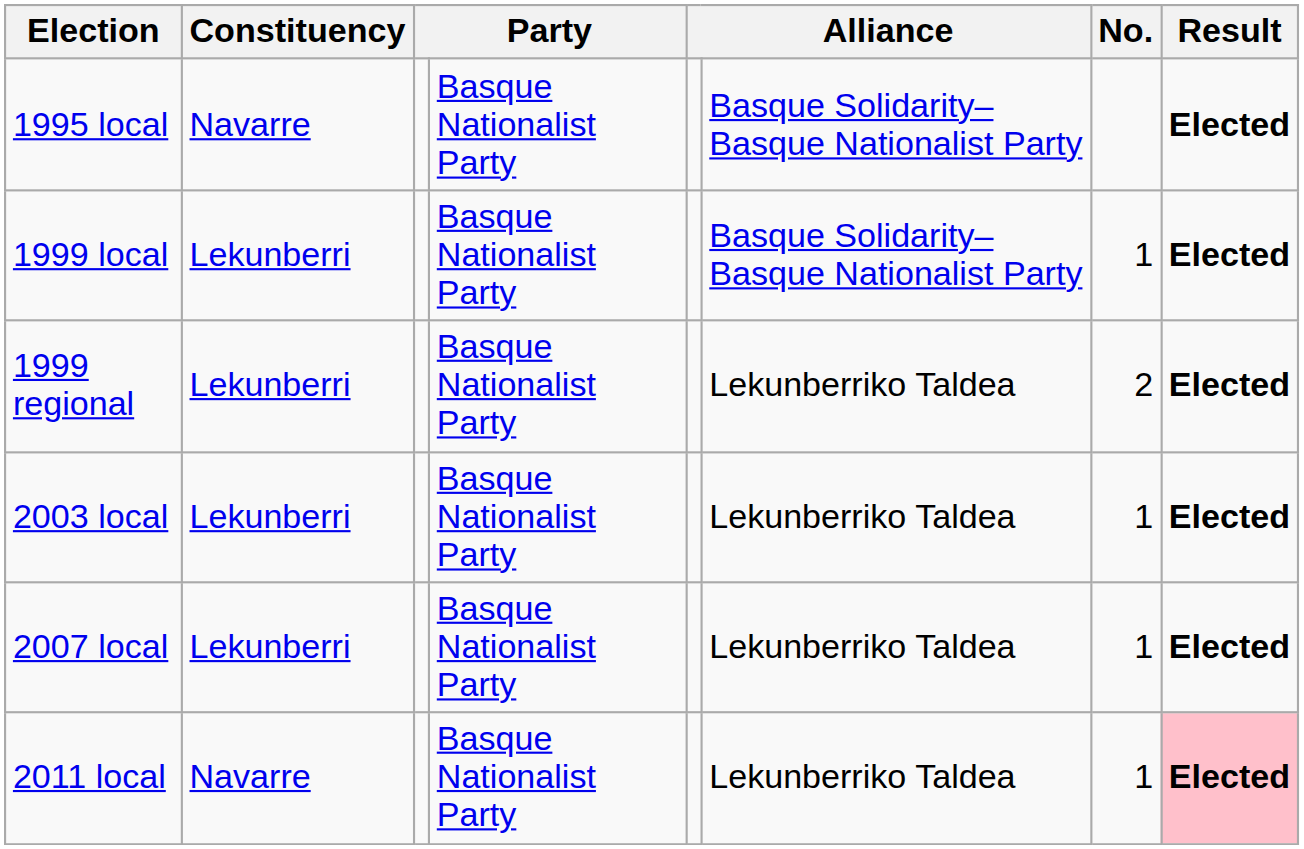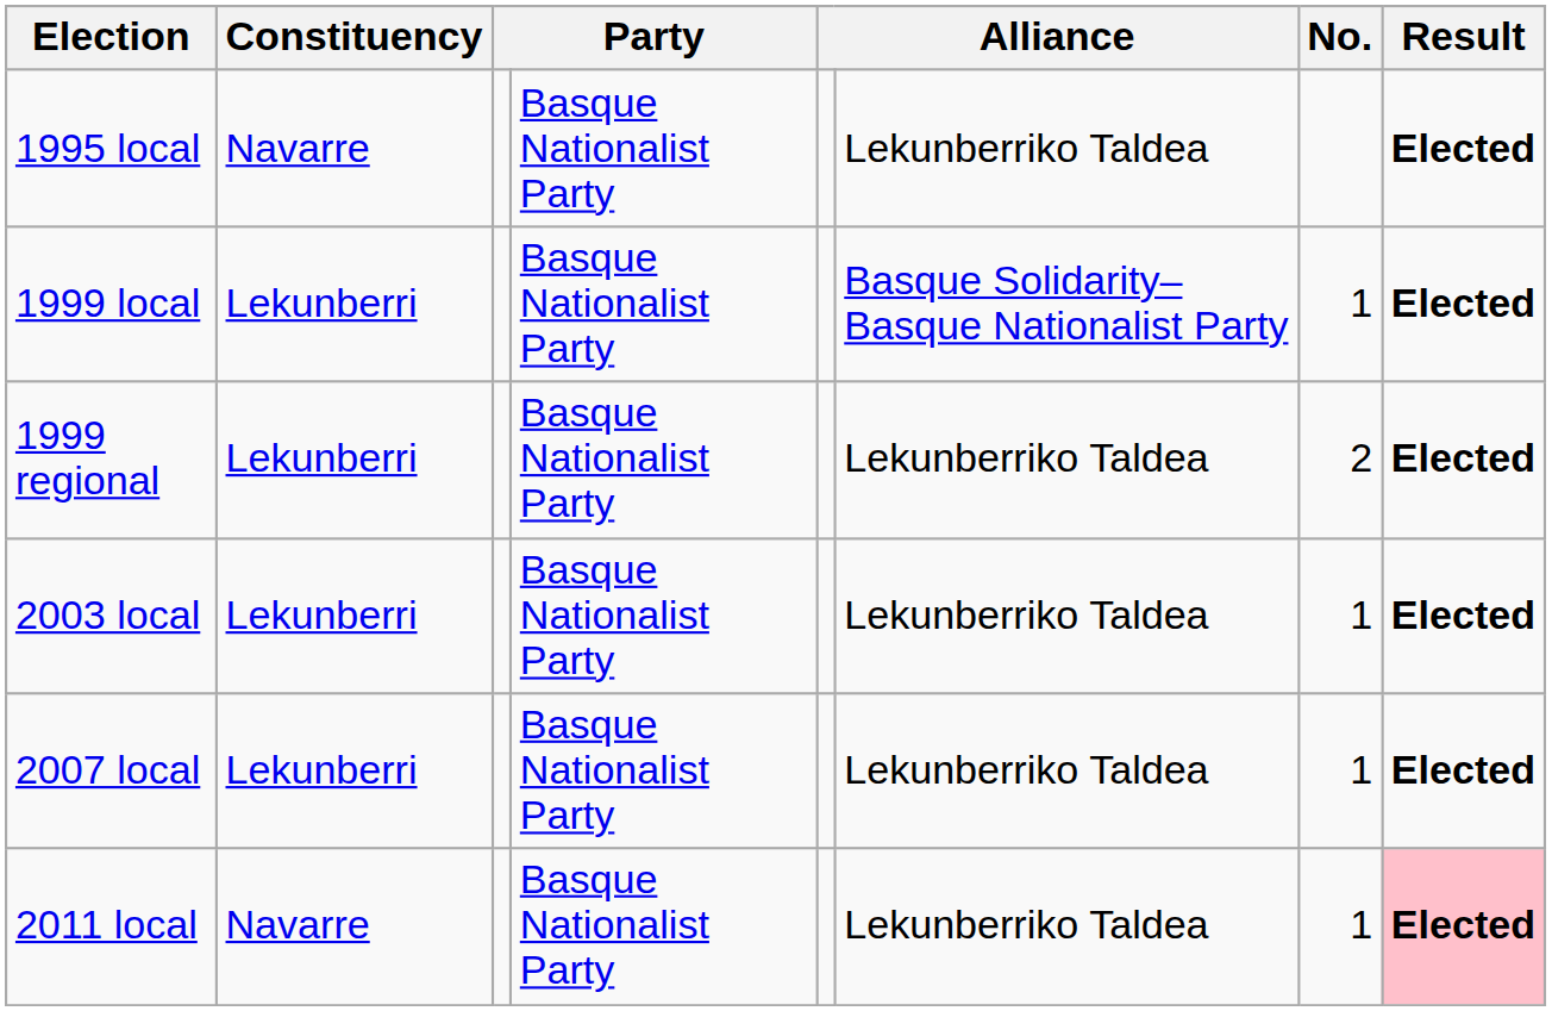 <table class="wikitable" style="text-align:left;">
 <tr>
 <th scope=col>Election</th>
 <th scope=col>Constituency</th>
 <th scope=col colspan="2">Party</th>
 <th scope=col colspan="2">Alliance</th>
 <th scope=col>No.</th>
 <th scope=col>Result</th>
 </tr>
 <tr>
 <td><a href='#'>1995 local</a></td>
 <td><a href='#'>Navarre</a></td>
 <td style="background:"></td>
 <td><a href='#'>Basque Nationalist Party</a></td>
 <td></td>
-<td><a href='#'>Basque Solidarity–Basque Nationalist Party</a></td>
+<td>Lekunberriko Taldea</td>
 <td align=right></td>
 <td><strong>Elected</strong></td>
 </tr>
 <tr>
 <td><a href='#'>1999 local</a></td>
 <td><a href='#'>Lekunberri</a></td>
 <td style="background:"></td>
 <td><a href='#'>Basque Nationalist Party</a></td>
 <td></td>
 <td><a href='#'>Basque Solidarity–Basque Nationalist Party</a></td>
 <td align=right>1</td>
 <td><strong>Elected</strong></td>
 </tr>
 <tr>
 <td><a href='#'>1999 regional</a></td>
 <td><a href='#'>Lekunberri</a></td>
 <td style="background:"></td>
 <td><a href='#'>Basque Nationalist Party</a></td>
 <td style="background:"></td>
 <td>Lekunberriko Taldea</td>
 <td align=right>2</td>
 <td><strong>Elected</strong></td>
 </tr>
 <tr>
 <td><a href='#'>2003 local</a></td>
 <td><a href='#'>Lekunberri</a></td>
 <td style="background:"></td>
 <td><a href='#'>Basque Nationalist Party</a></td>
 <td></td>
 <td>Lekunberriko Taldea</td>
 <td align=right>1</td>
 <td><strong>Elected</strong></td>
 </tr>
 <tr>
 <td><a href='#'>2007 local</a></td>
 <td><a href='#'>Lekunberri</a></td>
 <td style="background:"></td>
 <td><a href='#'>Basque Nationalist Party</a></td>
 <td></td>
 <td>Lekunberriko Taldea</td>
 <td align=right>1</td>
 <td><strong>Elected</strong></td>
 </tr>
 <tr>
 <td><a href='#'>2011 local</a></td>
 <td><a href='#'>Navarre</a></td>
 <td style="background:"></td>
 <td><a href='#'>Basque Nationalist Party</a></td>
 <td></td>
 <td>Lekunberriko Taldea</td>
 <td align=right>1</td>
 <td style="background: pink;"><strong>Elected</strong></td>
 </tr>
 </table>
